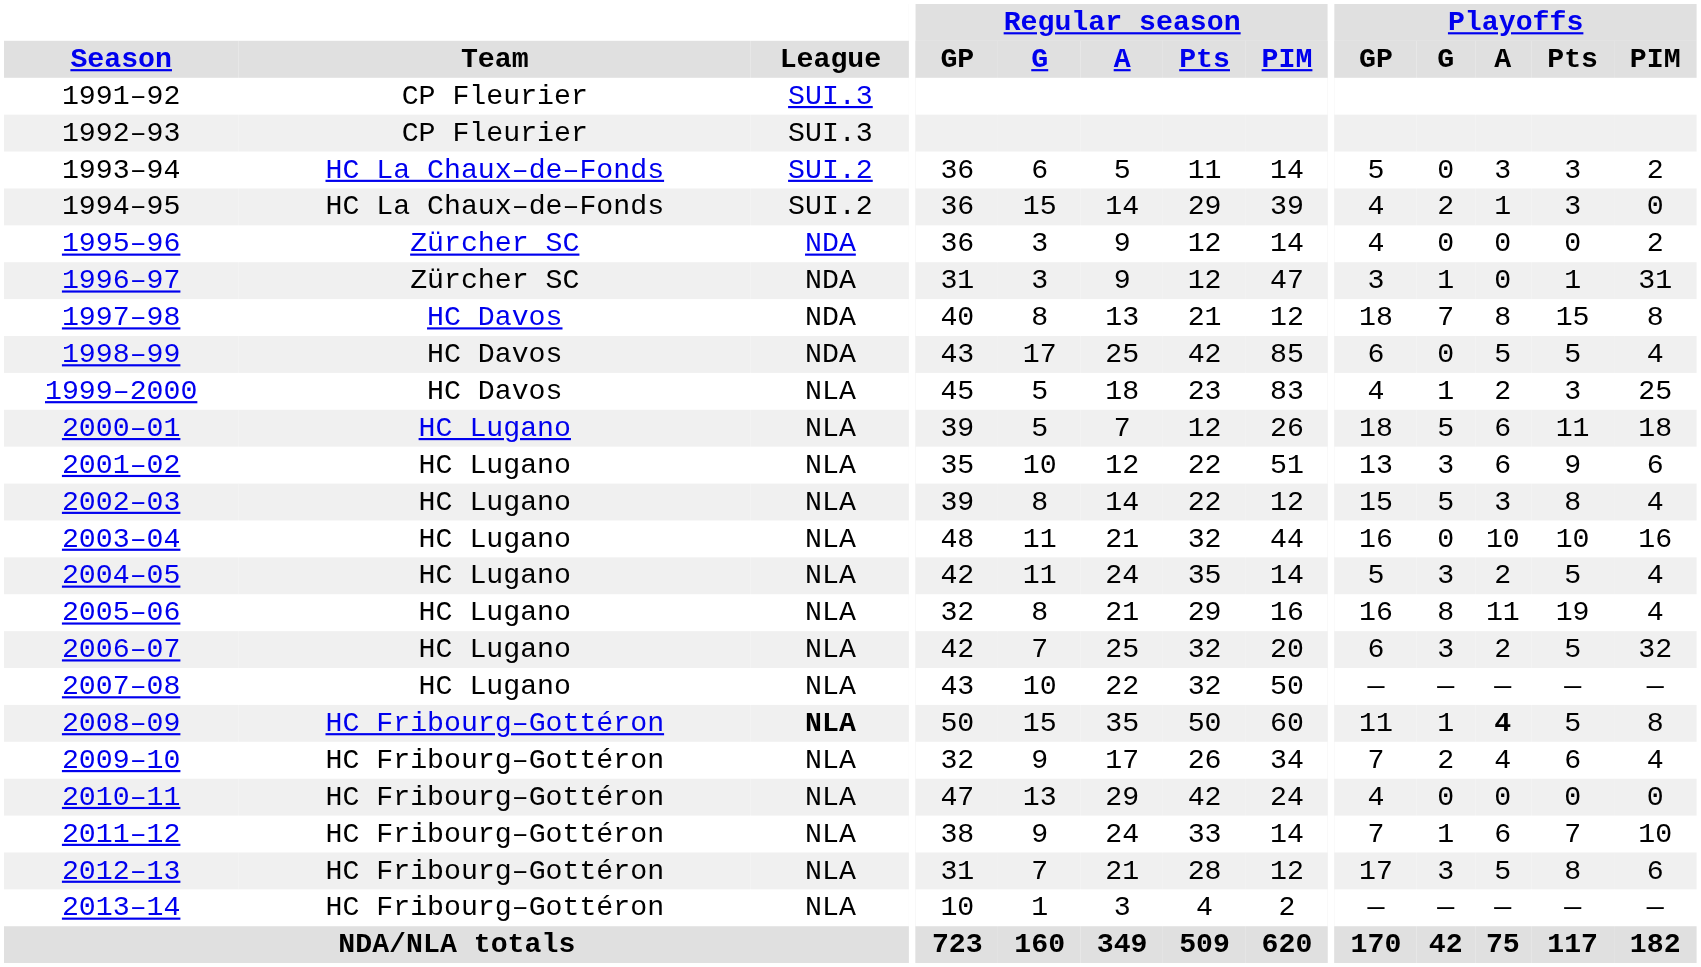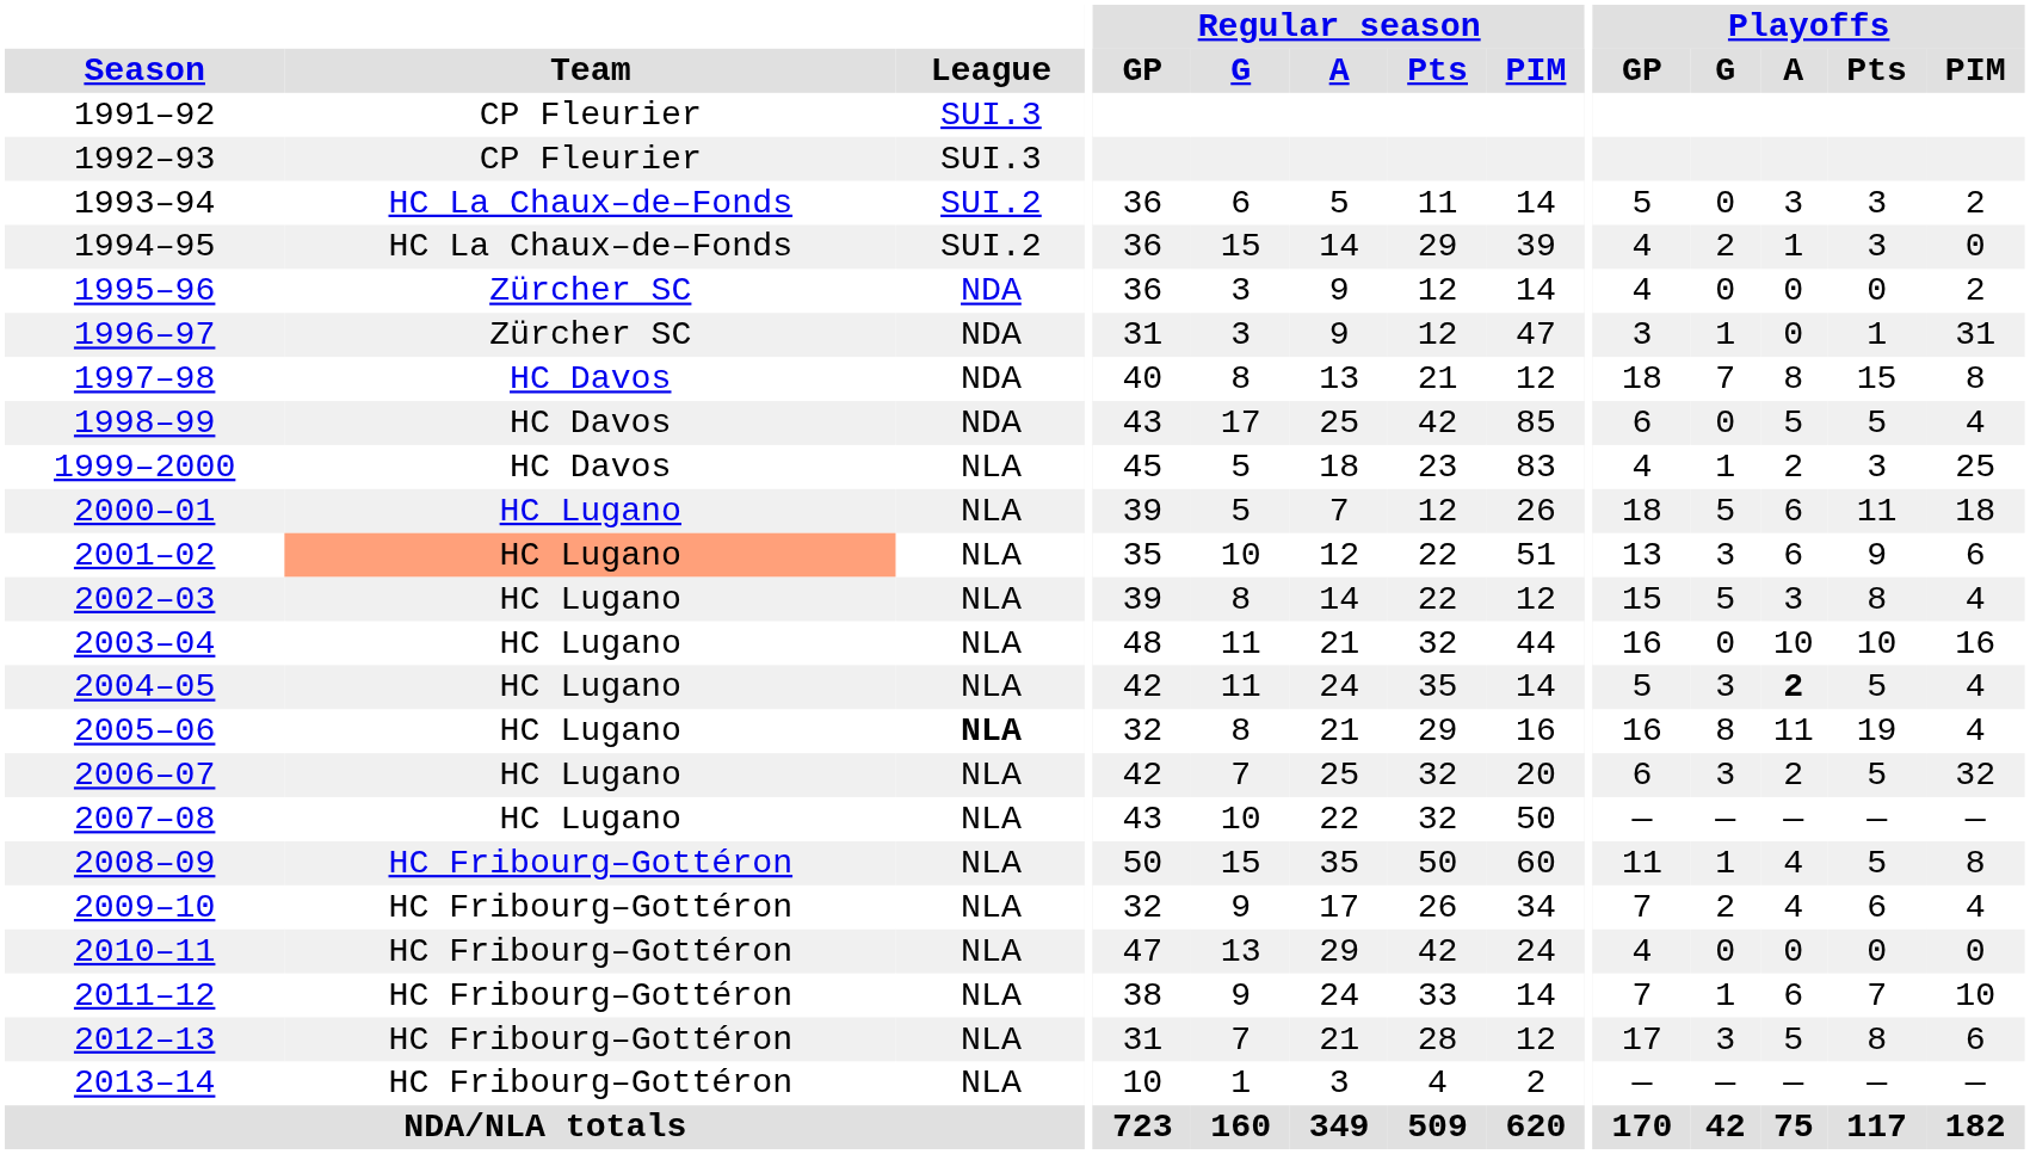 <table border="0" cellpadding="1" cellspacing="0" style="text-align:center; width:60em">
 <tr bgcolor="#e0e0e0">
 <th colspan="3" bgcolor="#ffffff"></th>
 <th rowspan="99" bgcolor="#ffffff"></th>
 <th colspan="5"><a href='#'>Regular season</a></th>
 <th rowspan="99" bgcolor="#ffffff"></th>
 <th colspan="5"><a href='#'>Playoffs</a></th>
 </tr>
 <tr bgcolor="#e0e0e0">
 <th><a href='#'>Season</a></th>
 <th>Team</th>
 <th>League</th>
 <th>GP</th>
 <th><a href='#'>G</a></th>
 <th><a href='#'>A</a></th>
 <th><a href='#'>Pts</a></th>
 <th><a href='#'>PIM</a></th>
 <th>GP</th>
 <th>G</th>
 <th>A</th>
 <th>Pts</th>
 <th>PIM</th>
 </tr>
 <tr>
 <td>1991–92</td>
 <td>CP Fleurier</td>
 <td><a href='#'>SUI.3</a></td>
 <td></td>
 <td></td>
 <td></td>
 <td></td>
 <td></td>
 <td></td>
 <td></td>
 <td></td>
 <td></td>
 <td></td>
 </tr>
 <tr bgcolor="#f0f0f0">
 <td>1992–93</td>
 <td>CP Fleurier</td>
 <td>SUI.3</td>
 <td></td>
 <td></td>
 <td></td>
 <td></td>
 <td></td>
 <td></td>
 <td></td>
 <td></td>
 <td></td>
 <td></td>
 </tr>
 <tr>
 <td>1993–94</td>
 <td><a href='#'>HC La Chaux–de–Fonds</a></td>
 <td><a href='#'>SUI.2</a></td>
 <td>36</td>
 <td>6</td>
 <td>5</td>
 <td>11</td>
 <td>14</td>
 <td>5</td>
 <td>0</td>
 <td>3</td>
 <td>3</td>
 <td>2</td>
 </tr>
 <tr bgcolor="#f0f0f0">
 <td>1994–95</td>
 <td>HC La Chaux–de–Fonds</td>
 <td>SUI.2</td>
 <td>36</td>
 <td>15</td>
 <td>14</td>
 <td>29</td>
 <td>39</td>
 <td>4</td>
 <td>2</td>
 <td>1</td>
 <td>3</td>
 <td>0</td>
 </tr>
 <tr>
 <td><a href='#'>1995–96</a></td>
 <td><a href='#'>Zürcher SC</a></td>
 <td><a href='#'>NDA</a></td>
 <td>36</td>
 <td>3</td>
 <td>9</td>
 <td>12</td>
 <td>14</td>
 <td>4</td>
 <td>0</td>
 <td>0</td>
 <td>0</td>
 <td>2</td>
 </tr>
 <tr bgcolor="#f0f0f0">
 <td><a href='#'>1996–97</a></td>
 <td>Zürcher SC</td>
 <td>NDA</td>
 <td>31</td>
 <td>3</td>
 <td>9</td>
 <td>12</td>
 <td>47</td>
 <td>3</td>
 <td>1</td>
 <td>0</td>
 <td>1</td>
 <td>31</td>
 </tr>
 <tr>
 <td><a href='#'>1997–98</a></td>
 <td><a href='#'>HC Davos</a></td>
 <td>NDA</td>
 <td>40</td>
 <td>8</td>
 <td>13</td>
 <td>21</td>
 <td>12</td>
 <td>18</td>
 <td>7</td>
 <td>8</td>
 <td>15</td>
 <td>8</td>
 </tr>
 <tr bgcolor="#f0f0f0">
 <td><a href='#'>1998–99</a></td>
 <td>HC Davos</td>
 <td>NDA</td>
 <td>43</td>
 <td>17</td>
 <td>25</td>
 <td>42</td>
 <td>85</td>
 <td>6</td>
 <td>0</td>
 <td>5</td>
 <td>5</td>
 <td>4</td>
 </tr>
 <tr>
 <td><a href='#'>1999–2000</a></td>
 <td>HC Davos</td>
 <td>NLA</td>
 <td>45</td>
 <td>5</td>
 <td>18</td>
 <td>23</td>
 <td>83</td>
 <td>4</td>
 <td>1</td>
 <td>2</td>
 <td>3</td>
 <td>25</td>
 </tr>
 <tr bgcolor="#f0f0f0">
 <td><a href='#'>2000–01</a></td>
 <td><a href='#'>HC Lugano</a></td>
 <td>NLA</td>
 <td>39</td>
 <td>5</td>
 <td>7</td>
 <td>12</td>
 <td>26</td>
 <td>18</td>
 <td>5</td>
 <td>6</td>
 <td>11</td>
 <td>18</td>
 </tr>
 <tr>
 <td><a href='#'>2001–02</a></td>
-<td>HC Lugano</td>
+<td style="background: lightsalmon;">HC Lugano</td>
 <td>NLA</td>
 <td>35</td>
 <td>10</td>
 <td>12</td>
 <td>22</td>
 <td>51</td>
 <td>13</td>
 <td>3</td>
 <td>6</td>
 <td>9</td>
 <td>6</td>
 </tr>
 <tr bgcolor="#f0f0f0">
 <td><a href='#'>2002–03</a></td>
 <td>HC Lugano</td>
 <td>NLA</td>
 <td>39</td>
 <td>8</td>
 <td>14</td>
 <td>22</td>
 <td>12</td>
 <td>15</td>
 <td>5</td>
 <td>3</td>
 <td>8</td>
 <td>4</td>
 </tr>
 <tr>
 <td><a href='#'>2003–04</a></td>
 <td>HC Lugano</td>
 <td>NLA</td>
 <td>48</td>
 <td>11</td>
 <td>21</td>
 <td>32</td>
 <td>44</td>
 <td>16</td>
 <td>0</td>
 <td>10</td>
 <td>10</td>
 <td>16</td>
 </tr>
 <tr bgcolor="#f0f0f0">
 <td><a href='#'>2004–05</a></td>
 <td>HC Lugano</td>
 <td>NLA</td>
 <td>42</td>
 <td>11</td>
 <td>24</td>
 <td>35</td>
 <td>14</td>
 <td>5</td>
 <td>3</td>
-<td>2</td>
+<td><strong>2</strong></td>
 <td>5</td>
 <td>4</td>
 </tr>
 <tr>
 <td><a href='#'>2005–06</a></td>
 <td>HC Lugano</td>
-<td>NLA</td>
+<td><strong>NLA</strong></td>
 <td>32</td>
 <td>8</td>
 <td>21</td>
 <td>29</td>
 <td>16</td>
 <td>16</td>
 <td>8</td>
 <td>11</td>
 <td>19</td>
 <td>4</td>
 </tr>
 <tr bgcolor="#f0f0f0">
 <td><a href='#'>2006–07</a></td>
 <td>HC Lugano</td>
 <td>NLA</td>
 <td>42</td>
 <td>7</td>
 <td>25</td>
 <td>32</td>
 <td>20</td>
 <td>6</td>
 <td>3</td>
 <td>2</td>
 <td>5</td>
 <td>32</td>
 </tr>
 <tr>
 <td><a href='#'>2007–08</a></td>
 <td>HC Lugano</td>
 <td>NLA</td>
 <td>43</td>
 <td>10</td>
 <td>22</td>
 <td>32</td>
 <td>50</td>
 <td>—</td>
 <td>—</td>
 <td>—</td>
 <td>—</td>
 <td>—</td>
 </tr>
 <tr bgcolor="#f0f0f0">
 <td><a href='#'>2008–09</a></td>
 <td><a href='#'>HC Fribourg–Gottéron</a></td>
-<td><strong>NLA</strong></td>
+<td>NLA</td>
 <td>50</td>
 <td>15</td>
 <td>35</td>
 <td>50</td>
 <td>60</td>
 <td>11</td>
 <td>1</td>
-<td><strong>4</strong></td>
+<td>4</td>
 <td>5</td>
 <td>8</td>
 </tr>
 <tr>
 <td><a href='#'>2009–10</a></td>
 <td>HC Fribourg–Gottéron</td>
 <td>NLA</td>
 <td>32</td>
 <td>9</td>
 <td>17</td>
 <td>26</td>
 <td>34</td>
 <td>7</td>
 <td>2</td>
 <td>4</td>
 <td>6</td>
 <td>4</td>
 </tr>
 <tr bgcolor="#f0f0f0">
 <td><a href='#'>2010–11</a></td>
 <td>HC Fribourg–Gottéron</td>
 <td>NLA</td>
 <td>47</td>
 <td>13</td>
 <td>29</td>
 <td>42</td>
 <td>24</td>
 <td>4</td>
 <td>0</td>
 <td>0</td>
 <td>0</td>
 <td>0</td>
 </tr>
 <tr>
 <td><a href='#'>2011–12</a></td>
 <td>HC Fribourg–Gottéron</td>
 <td>NLA</td>
 <td>38</td>
 <td>9</td>
 <td>24</td>
 <td>33</td>
 <td>14</td>
 <td>7</td>
 <td>1</td>
 <td>6</td>
 <td>7</td>
 <td>10</td>
 </tr>
 <tr bgcolor="#f0f0f0">
 <td><a href='#'>2012–13</a></td>
 <td>HC Fribourg–Gottéron</td>
 <td>NLA</td>
 <td>31</td>
 <td>7</td>
 <td>21</td>
 <td>28</td>
 <td>12</td>
 <td>17</td>
 <td>3</td>
 <td>5</td>
 <td>8</td>
 <td>6</td>
 </tr>
 <tr>
 <td><a href='#'>2013–14</a></td>
 <td>HC Fribourg–Gottéron</td>
 <td>NLA</td>
 <td>10</td>
 <td>1</td>
 <td>3</td>
 <td>4</td>
 <td>2</td>
 <td>—</td>
 <td>—</td>
 <td>—</td>
 <td>—</td>
 <td>—</td>
 </tr>
 <tr bgcolor="#e0e0e0">
 <th colspan="3">NDA/NLA totals</th>
 <th>723</th>
 <th>160</th>
 <th>349</th>
 <th>509</th>
 <th>620</th>
 <th>170</th>
 <th>42</th>
 <th>75</th>
 <th>117</th>
 <th>182</th>
 </tr>
 </table>
